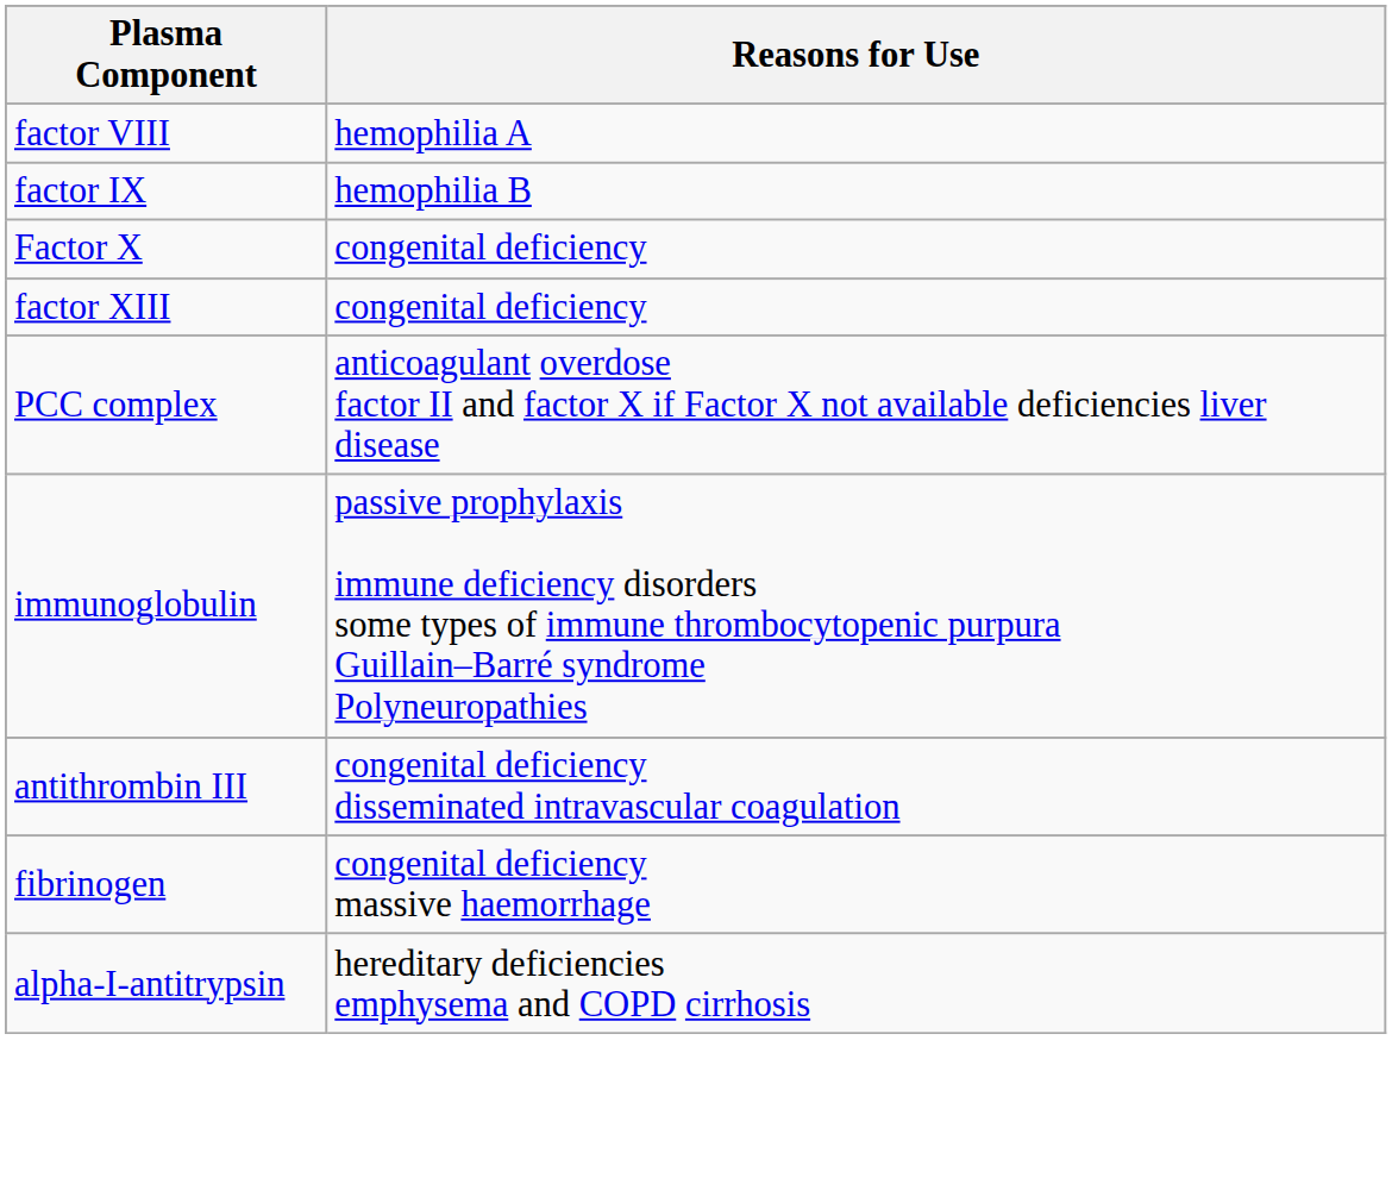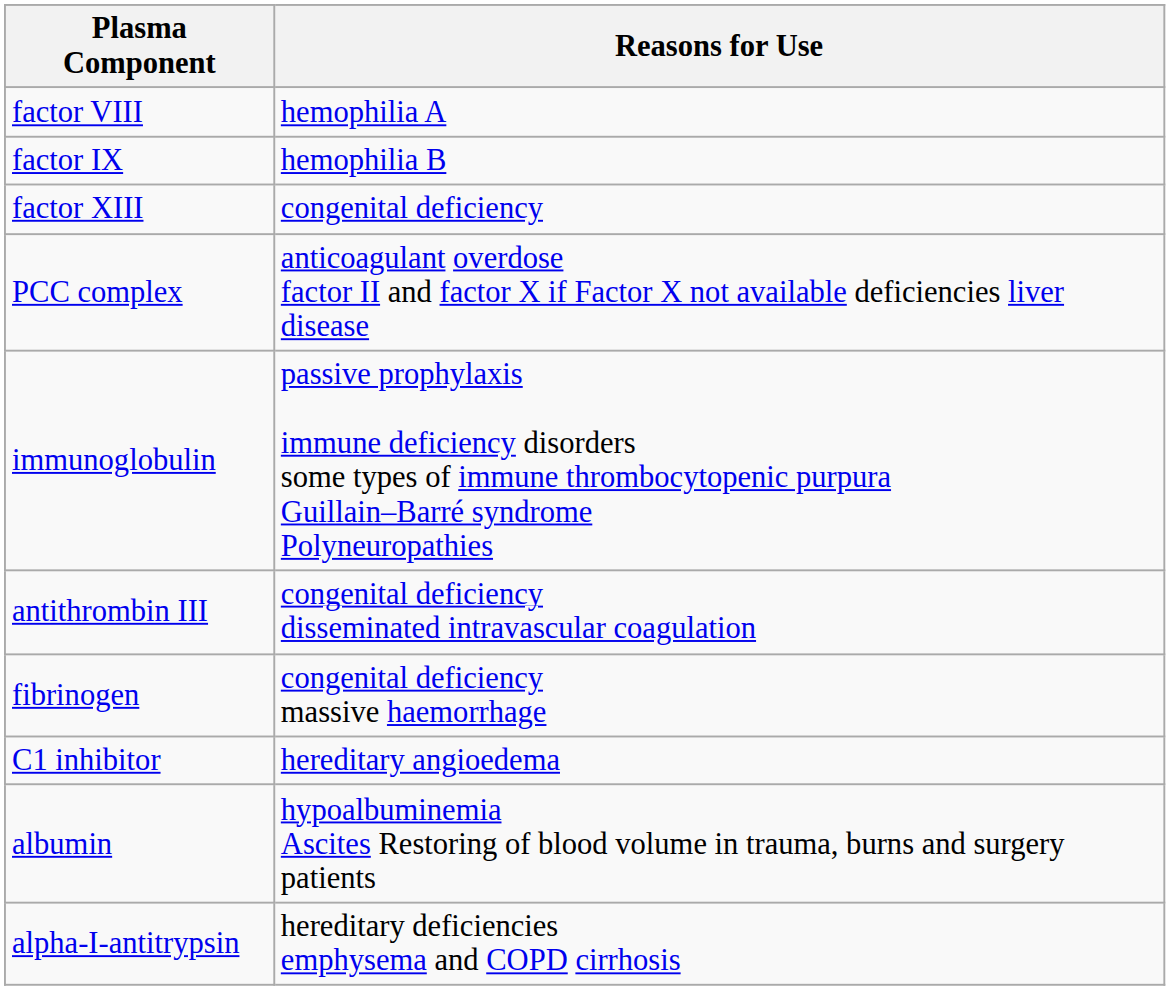 <table class="wikitable">
 <tr>
 <th>Plasma Component</th>
 <th>Reasons for Use</th>
 </tr>
 <tr>
 <td><a href='#'>factor VIII</a></td>
 <td><a href='#'>hemophilia A</a></td>
 </tr>
 <tr>
 <td><a href='#'>factor IX</a></td>
 <td><a href='#'>hemophilia B</a></td>
-</tr>
-<tr>
-<td><a href='#'>Factor X</a></td>
-<td><a href='#'>congenital deficiency</a></td>
 </tr>
 <tr>
 <td><a href='#'>factor XIII</a></td>
 <td><a href='#'>congenital deficiency</a></td>
 </tr>
 <tr>
 <td><a href='#'>PCC complex</a></td>
 <td><a href='#'>anticoagulant</a> <a href='#'>overdose</a><br><a href='#'>factor II</a> and <a href='#'>factor X if Factor X not available</a> deficiencies <a href='#'>liver disease</a></td>
 </tr>
 <tr>
 <td><a href='#'>immunoglobulin</a></td>
 <td><a href='#'>passive prophylaxis</a> <br><br><a href='#'>immune deficiency</a> disorders <br> some types of <a href='#'>immune thrombocytopenic purpura</a> <br> <a href='#'>Guillain–Barré syndrome</a> <br> <a href='#'>Polyneuropathies</a></td>
 </tr>
 <tr>
 <td><a href='#'>antithrombin III</a></td>
 <td><a href='#'>congenital deficiency</a><br><a href='#'>disseminated intravascular coagulation</a></td>
 </tr>
 <tr>
 <td><a href='#'>fibrinogen</a></td>
 <td><a href='#'>congenital deficiency</a><br>massive <a href='#'>haemorrhage</a></td>
 </tr>
 <tr>
+<td><a href='#'>C1 inhibitor</a></td>
+<td><a href='#'>hereditary angioedema</a></td>
+</tr>
+<tr>
+<td><a href='#'>albumin</a></td>
+<td><a href='#'>hypoalbuminemia</a><br><a href='#'>Ascites</a> Restoring of blood volume in trauma, burns and surgery patients</td>
+</tr>
+<tr>
 <td><a href='#'>alpha-I-antitrypsin</a></td>
 <td>hereditary deficiencies<br><a href='#'>emphysema</a> and <a href='#'>COPD</a> <a href='#'>cirrhosis</a></td>
 </tr>
 </table>
